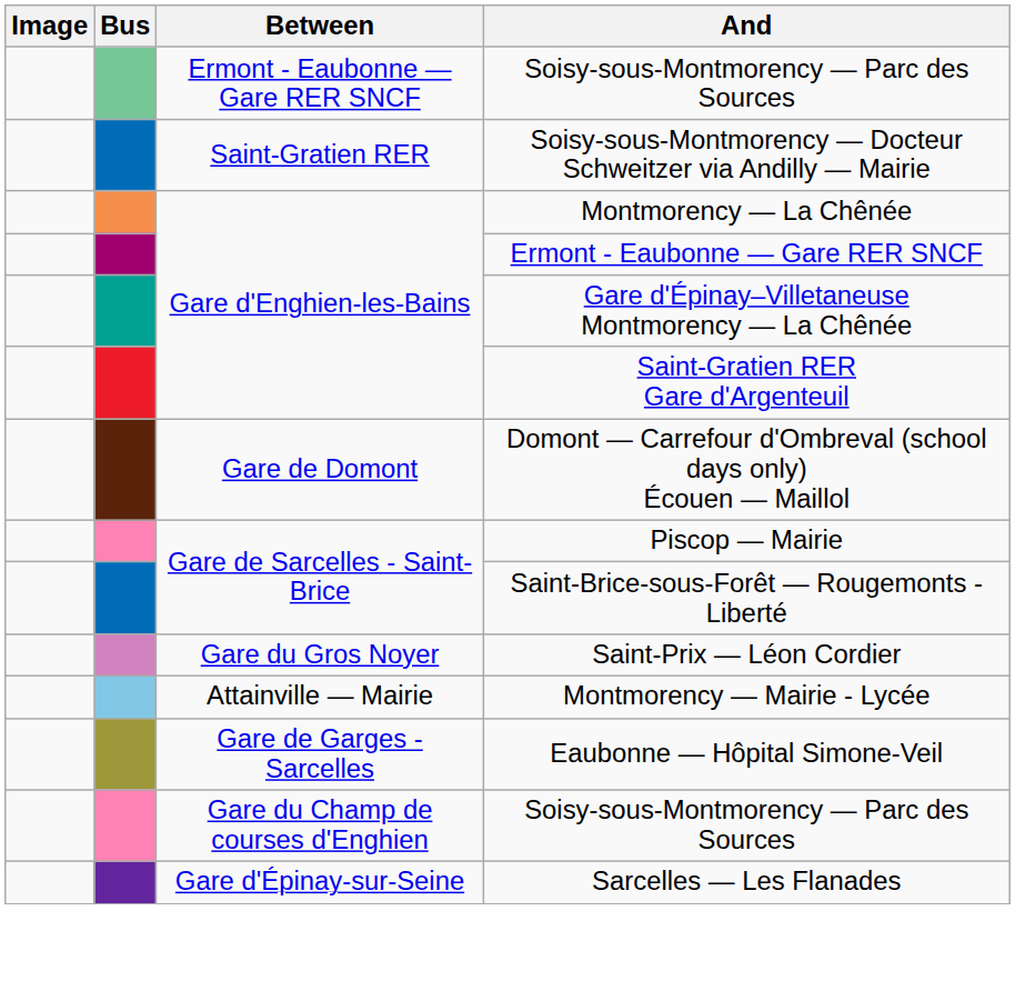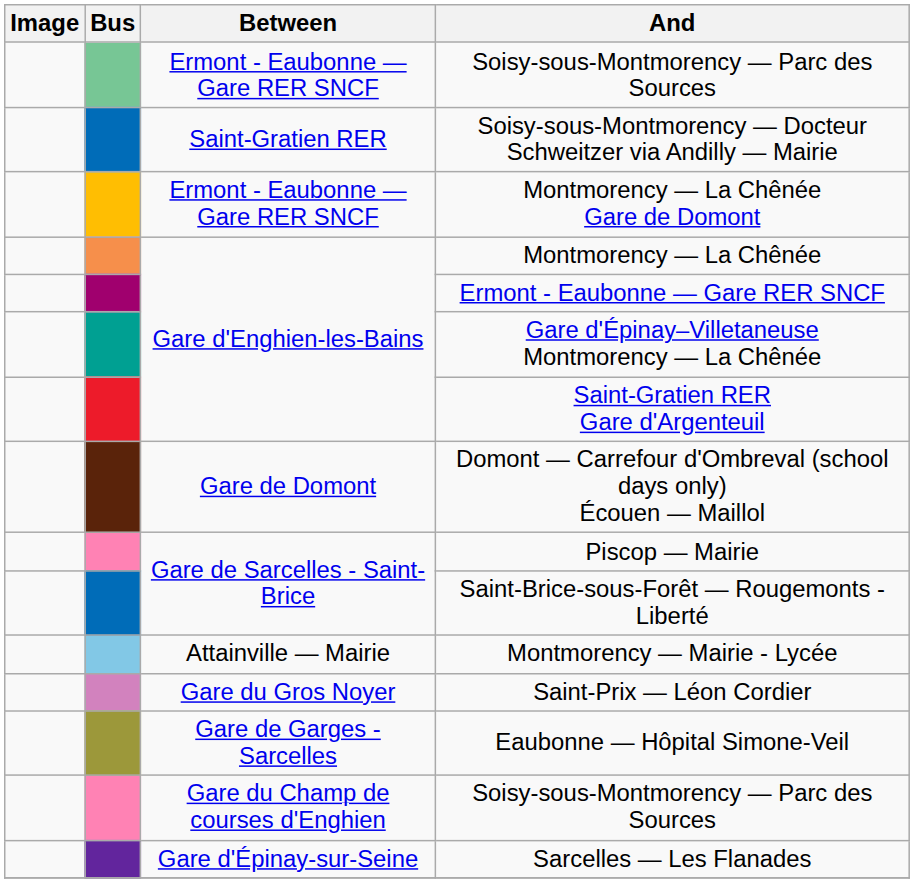 <table class="wikitable alternance centre" style="text-align:center;">
 <tr>
 <th>Image</th>
 <th>Bus</th>
 <th>Between</th>
 <th>And</th>
 </tr>
 <tr>
 <td></td>
 <td style="background:#77c695;"></td>
 <td><a href='#'>Ermont - Eaubonne — Gare RER SNCF</a></td>
 <td>Soisy-sous-Montmorency — Parc des Sources</td>
 </tr>
 <tr>
 <td></td>
 <td style="background:#006cb8;"></td>
 <td><a href='#'>Saint-Gratien RER</a></td>
 <td>Soisy-sous-Montmorency — Docteur Schweitzer via Andilly — Mairie</td>
+</tr>
+<tr>
+<td></td>
+<td style="background:#ffbe02;"></td>
+<td><a href='#'>Ermont - Eaubonne — Gare RER SNCF</a></td>
+<td>Montmorency — La Chênée<br><a href='#'>Gare de Domont</a></td>
 </tr>
 <tr>
 <td></td>
 <td style="background:#f68f4b;"></td>
 <td rowspan="4"><a href='#'>Gare d'Enghien-les-Bains</a></td>
 <td>Montmorency — La Chênée</td>
 </tr>
 <tr>
 <td></td>
 <td style="background:#a0006e;"></td>
 <td><a href='#'>Ermont - Eaubonne — Gare RER SNCF</a></td>
 </tr>
 <tr>
 <td></td>
 <td style="background:#00a092;"></td>
 <td><a href='#'>Gare d'Épinay–Villetaneuse</a><br>Montmorency — La Chênée</td>
 </tr>
 <tr>
 <td></td>
 <td style="background:#ed1b2a;"></td>
 <td><a href='#'>Saint-Gratien RER</a><br><a href='#'>Gare d'Argenteuil</a></td>
 </tr>
 <tr>
 <td></td>
 <td style="background:#5a230a;"></td>
 <td><a href='#'>Gare de Domont</a></td>
 <td>Domont — Carrefour d'Ombreval (school days only)<br>Écouen — Maillol</td>
 </tr>
 <tr>
 <td></td>
 <td style="background:#ff82b4;"></td>
 <td rowspan="2"><a href='#'>Gare de Sarcelles - Saint-Brice</a></td>
 <td>Piscop — Mairie</td>
 </tr>
 <tr>
 <td></td>
 <td style="background:#006cb8;"></td>
 <td>Saint-Brice-sous-Forêt — Rougemonts - Liberté</td>
 </tr>
 <tr>
 <td></td>
+<td style="background:#82c8e6;"></td>
+<td>Attainville — Mairie</td>
+<td>Montmorency — Mairie - Lycée</td>
+</tr>
+<tr>
+<td></td>
 <td style="background:#d282be;"></td>
 <td><a href='#'>Gare du Gros Noyer</a></td>
 <td>Saint-Prix — Léon Cordier</td>
-</tr>
-<tr>
-<td></td>
-<td style="background:#82c8e6;"></td>
-<td>Attainville — Mairie</td>
-<td>Montmorency — Mairie - Lycée</td>
 </tr>
 <tr>
 <td></td>
 <td style="background:#9c983a;"></td>
 <td><a href='#'>Gare de Garges - Sarcelles</a></td>
 <td>Eaubonne — Hôpital Simone-Veil</td>
 </tr>
 <tr>
 <td></td>
 <td style="background:#ff82b4;"></td>
 <td><a href='#'>Gare du Champ de courses d'Enghien</a></td>
 <td>Soisy-sous-Montmorency — Parc des Sources</td>
 </tr>
 <tr>
 <td></td>
 <td style="background:#62259d;"></td>
 <td><a href='#'>Gare d'Épinay-sur-Seine</a></td>
 <td>Sarcelles — Les Flanades</td>
 </tr>
 <tr>
 </tr>
 </table>
